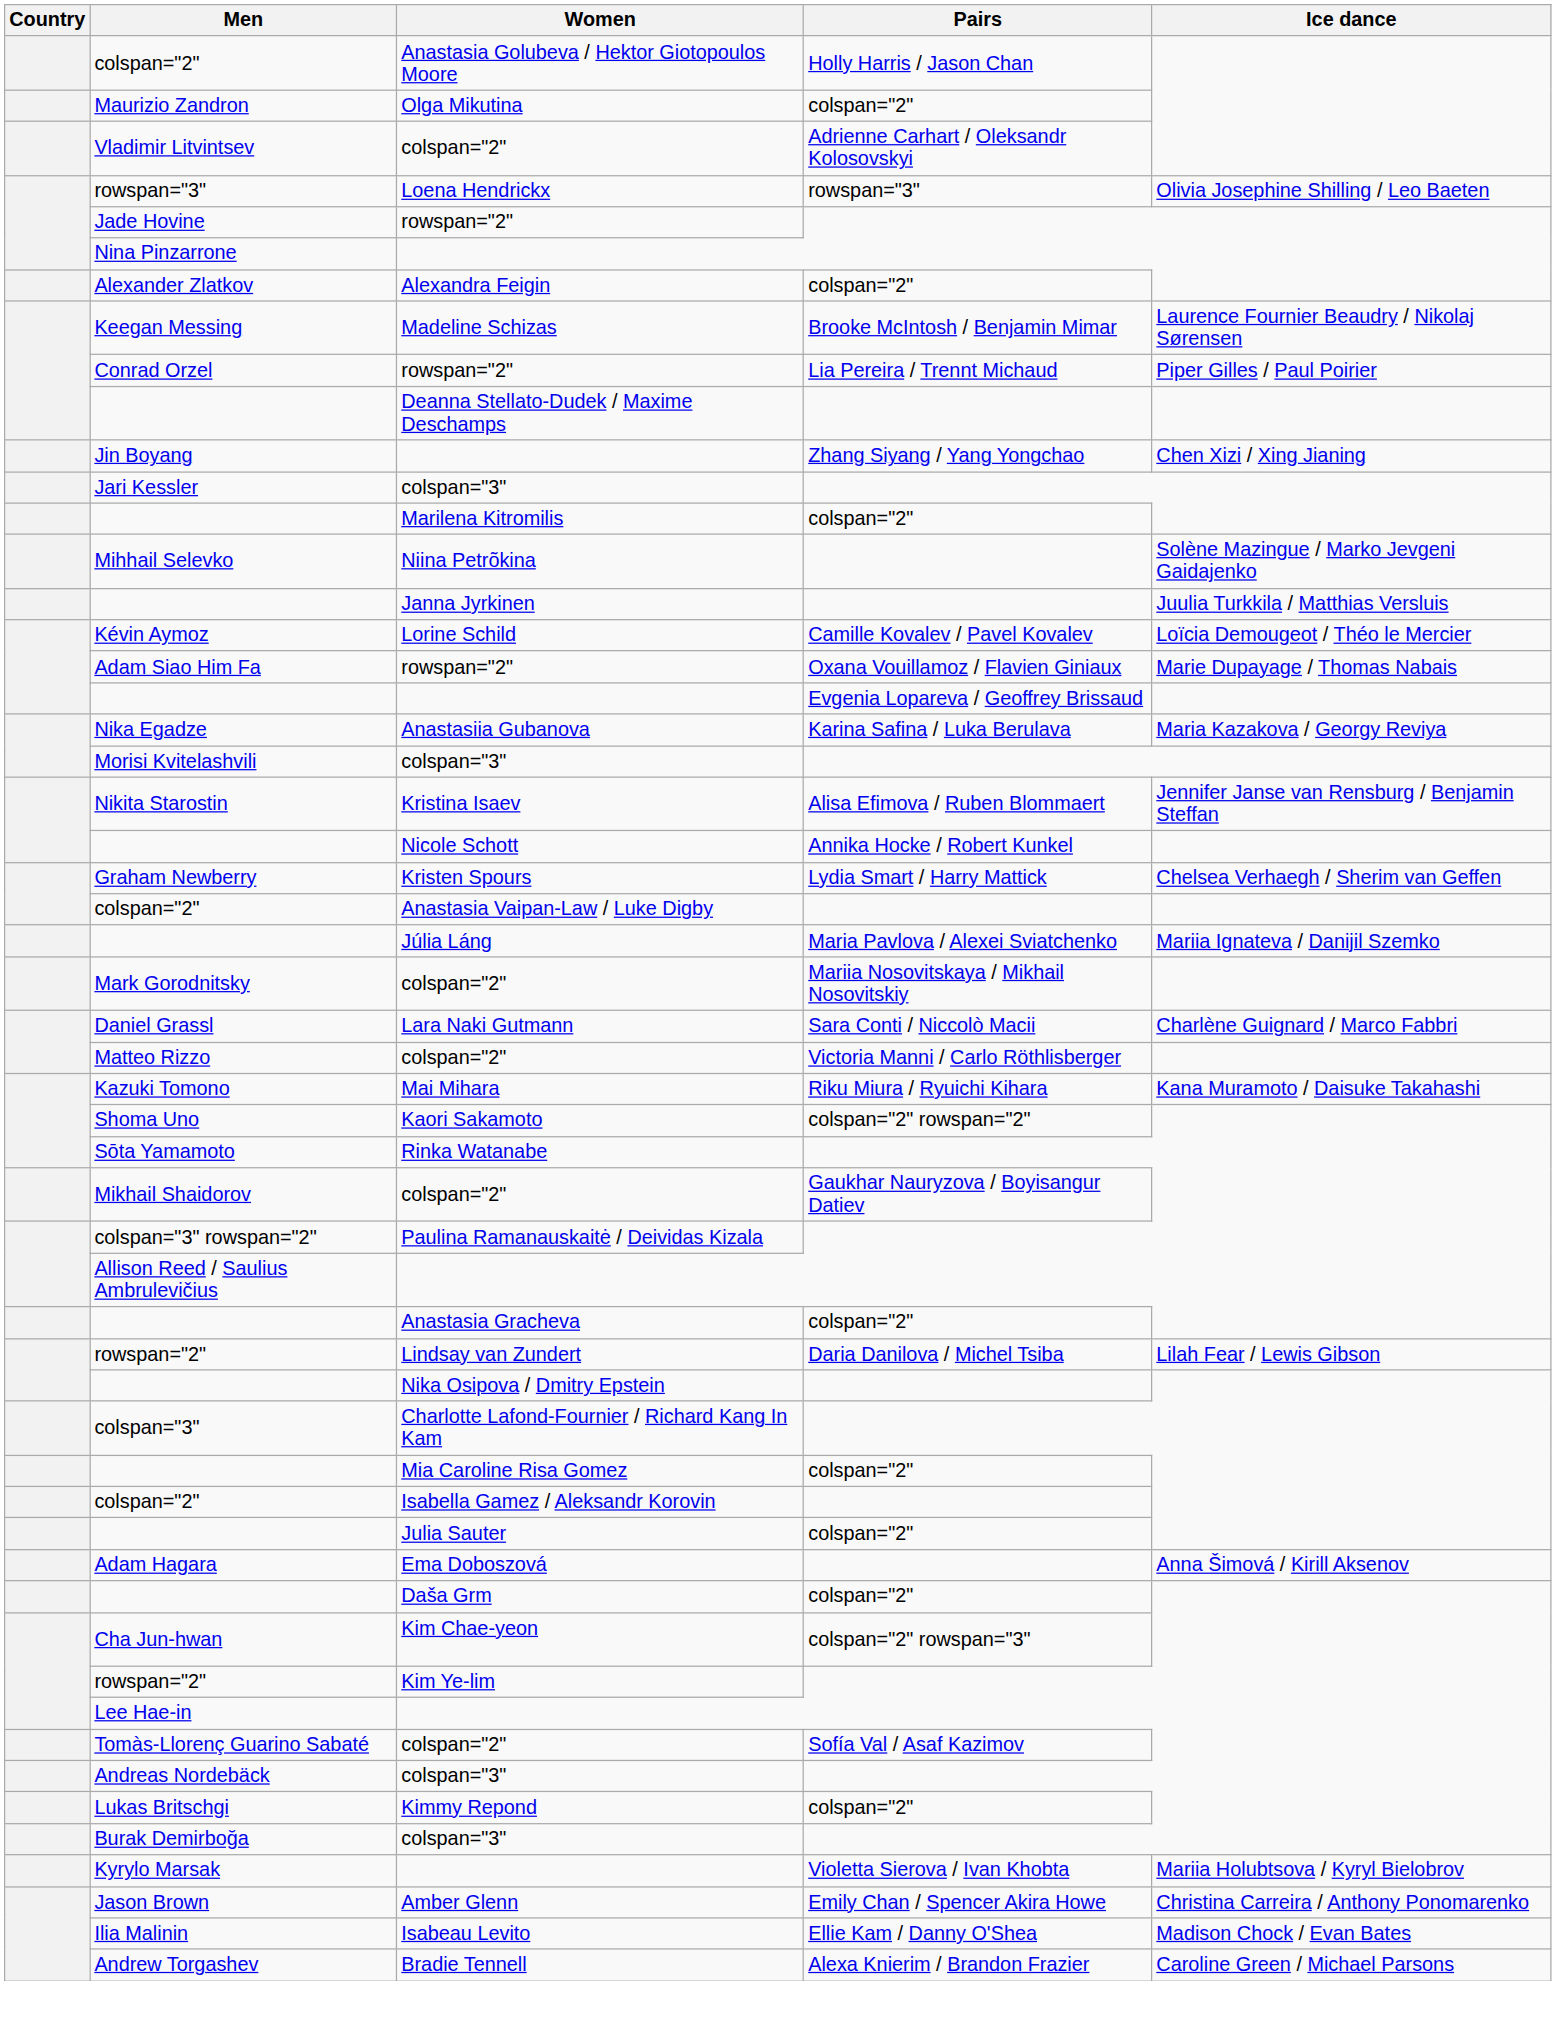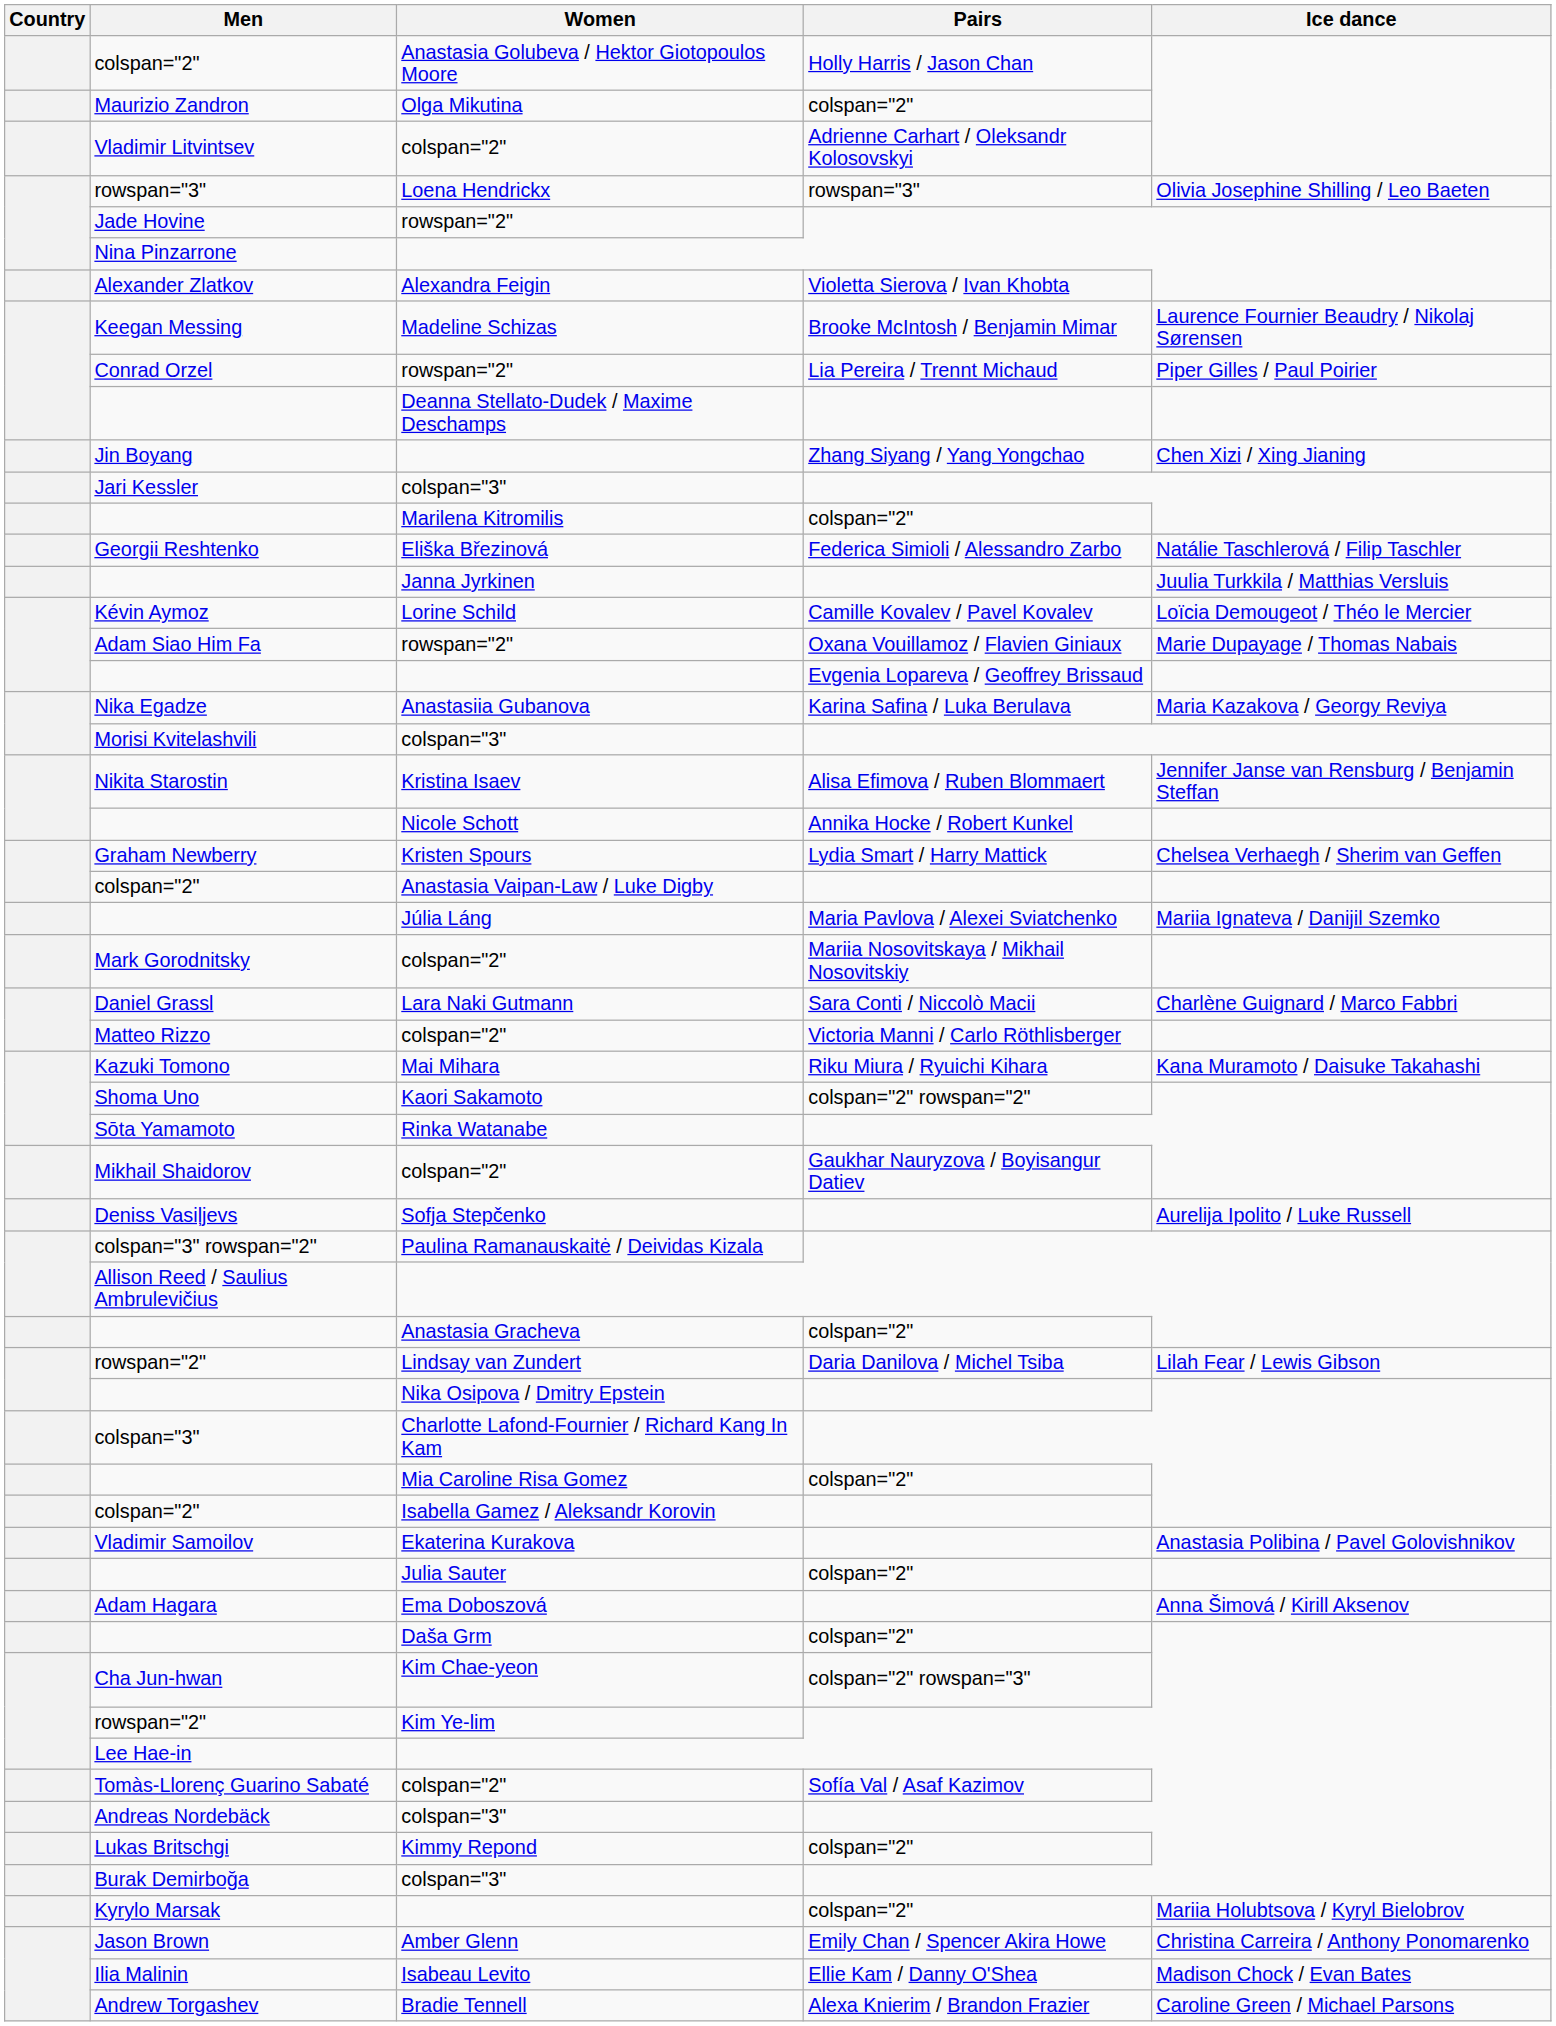 <table class="wikitable unsortable" style="text-align:left;">
 <tr>
 <th scope="col">Country</th>
 <th scope="col">Men</th>
 <th scope="col">Women</th>
 <th scope="col">Pairs</th>
 <th scope="col">Ice dance</th>
 </tr>
 <tr>
 <th scope="row" style="text-align:left"></th>
 <td>colspan="2" </td>
 <td><a href='#'>Anastasia Golubeva</a> / <a href='#'>Hektor Giotopoulos Moore</a></td>
 <td><a href='#'>Holly Harris</a> / <a href='#'>Jason Chan</a></td>
 </tr>
 <tr>
 <th scope="row" style="text-align:left"></th>
 <td><a href='#'>Maurizio Zandron</a></td>
 <td><a href='#'>Olga Mikutina</a></td>
 <td>colspan="2" </td>
 </tr>
 <tr>
 <th scope="row" style="text-align:left"></th>
 <td><a href='#'>Vladimir Litvintsev</a></td>
 <td>colspan="2" </td>
 <td><a href='#'>Adrienne Carhart</a> / <a href='#'>Oleksandr Kolosovskyi</a></td>
 </tr>
 <tr>
 <th rowspan="3" scope="row" style="text-align:left"></th>
 <td>rowspan="3" </td>
 <td><a href='#'>Loena Hendrickx</a></td>
 <td>rowspan="3" </td>
 <td><a href='#'>Olivia Josephine Shilling</a> / <a href='#'>Leo Baeten</a></td>
 </tr>
 <tr>
 <td><a href='#'>Jade Hovine</a></td>
 <td>rowspan="2" </td>
 </tr>
 <tr>
 <td><a href='#'>Nina Pinzarrone</a></td>
 </tr>
 <tr>
 <th scope="row" style="text-align:left"></th>
 <td><a href='#'>Alexander Zlatkov</a></td>
 <td><a href='#'>Alexandra Feigin</a></td>
-<td>colspan="2" </td>
+<td><a href='#'>Violetta Sierova</a> / <a href='#'>Ivan Khobta</a></td>
 </tr>
 <tr>
 <th rowspan="3" scope="row" style="text-align:left"></th>
 <td><a href='#'>Keegan Messing</a></td>
 <td><a href='#'>Madeline Schizas</a></td>
 <td><a href='#'>Brooke McIntosh</a> / <a href='#'>Benjamin Mimar</a></td>
 <td><a href='#'>Laurence Fournier Beaudry</a> / <a href='#'>Nikolaj Sørensen</a></td>
 </tr>
 <tr>
 <td><a href='#'>Conrad Orzel</a></td>
 <td>rowspan="2" </td>
 <td><a href='#'>Lia Pereira</a> / <a href='#'>Trennt Michaud</a></td>
 <td><a href='#'>Piper Gilles</a> / <a href='#'>Paul Poirier</a></td>
 </tr>
 <tr>
 <td></td>
 <td><a href='#'>Deanna Stellato-Dudek</a> / <a href='#'>Maxime Deschamps</a></td>
 <td></td>
 </tr>
 <tr>
 <th scope="row" style="text-align:left"></th>
 <td><a href='#'>Jin Boyang</a></td>
 <td></td>
 <td><a href='#'>Zhang Siyang</a> / <a href='#'>Yang Yongchao</a></td>
 <td><a href='#'>Chen Xizi</a> / <a href='#'>Xing Jianing</a></td>
 </tr>
 <tr>
 <th scope="row" style="text-align:left"></th>
 <td><a href='#'>Jari Kessler</a></td>
 <td>colspan="3" </td>
 </tr>
 <tr>
 <th scope="row" style="text-align:left"></th>
 <td></td>
 <td><a href='#'>Marilena Kitromilis</a></td>
 <td>colspan="2" </td>
 </tr>
 <tr>
 <th scope="row" style="text-align:left"></th>
-<td><a href='#'>Mihhail Selevko</a></td>
-<td><a href='#'>Niina Petrõkina</a></td>
-<td></td>
-<td><a href='#'>Solène Mazingue</a> / <a href='#'>Marko Jevgeni Gaidajenko</a></td>
+<td><a href='#'>Georgii Reshtenko</a></td>
+<td><a href='#'>Eliška Březinová</a></td>
+<td><a href='#'>Federica Simioli</a> / <a href='#'>Alessandro Zarbo</a></td>
+<td><a href='#'>Natálie Taschlerová</a> / <a href='#'>Filip Taschler</a></td>
 </tr>
 <tr>
 <th scope="row" style="text-align:left"></th>
 <td></td>
 <td><a href='#'>Janna Jyrkinen</a></td>
 <td></td>
 <td><a href='#'>Juulia Turkkila</a> / <a href='#'>Matthias Versluis</a></td>
 </tr>
 <tr>
 <th rowspan="3" scope="row" style="text-align:left"></th>
 <td><a href='#'>Kévin Aymoz</a></td>
 <td><a href='#'>Lorine Schild</a></td>
 <td><a href='#'>Camille Kovalev</a> / <a href='#'>Pavel Kovalev</a></td>
 <td><a href='#'>Loïcia Demougeot</a> / <a href='#'>Théo le Mercier</a></td>
 </tr>
 <tr>
 <td><a href='#'>Adam Siao Him Fa</a></td>
 <td>rowspan="2" </td>
 <td><a href='#'>Oxana Vouillamoz</a> / <a href='#'>Flavien Giniaux</a></td>
 <td><a href='#'>Marie Dupayage</a> / <a href='#'>Thomas Nabais</a></td>
 </tr>
 <tr>
 <td></td>
 <td></td>
 <td><a href='#'>Evgenia Lopareva</a> / <a href='#'>Geoffrey Brissaud</a></td>
 </tr>
 <tr>
 <th rowspan="2" scope="row" style="text-align:left"></th>
 <td><a href='#'>Nika Egadze</a></td>
 <td><a href='#'>Anastasiia Gubanova</a></td>
 <td><a href='#'>Karina Safina</a> / <a href='#'>Luka Berulava</a></td>
 <td><a href='#'>Maria Kazakova</a> / <a href='#'>Georgy Reviya</a></td>
 </tr>
 <tr>
 <td><a href='#'>Morisi Kvitelashvili</a></td>
 <td>colspan="3" </td>
 </tr>
 <tr>
 <th rowspan="2" scope="row" style="text-align:left"></th>
 <td><a href='#'>Nikita Starostin</a></td>
 <td><a href='#'>Kristina Isaev</a></td>
 <td><a href='#'>Alisa Efimova</a> / <a href='#'>Ruben Blommaert</a></td>
 <td><a href='#'>Jennifer Janse van Rensburg</a> / <a href='#'>Benjamin Steffan</a></td>
 </tr>
 <tr>
 <td></td>
 <td><a href='#'>Nicole Schott</a></td>
 <td><a href='#'>Annika Hocke</a> / <a href='#'>Robert Kunkel</a></td>
 <td></td>
 </tr>
 <tr>
 <th rowspan="2" scope="row" style="text-align:left"></th>
 <td><a href='#'>Graham Newberry</a></td>
 <td><a href='#'>Kristen Spours</a></td>
 <td><a href='#'>Lydia Smart</a> / <a href='#'>Harry Mattick</a></td>
 <td><a href='#'>Chelsea Verhaegh</a> / <a href='#'>Sherim van Geffen</a></td>
 </tr>
 <tr>
 <td>colspan="2" </td>
 <td><a href='#'>Anastasia Vaipan-Law</a> / <a href='#'>Luke Digby</a></td>
 <td></td>
 </tr>
 <tr>
 <th scope="row" style="text-align:left"></th>
 <td></td>
 <td><a href='#'>Júlia Láng</a></td>
 <td><a href='#'>Maria Pavlova</a> / <a href='#'>Alexei Sviatchenko</a></td>
 <td><a href='#'>Mariia Ignateva</a> / <a href='#'>Danijil Szemko</a></td>
 </tr>
 <tr>
 <th scope="row" style="text-align:left"></th>
 <td><a href='#'>Mark Gorodnitsky</a></td>
 <td>colspan="2" </td>
 <td><a href='#'>Mariia Nosovitskaya</a> / <a href='#'>Mikhail Nosovitskiy</a></td>
 </tr>
 <tr>
 <th rowspan="2" scope="row" style="text-align:left"></th>
 <td><a href='#'>Daniel Grassl</a></td>
 <td><a href='#'>Lara Naki Gutmann</a></td>
 <td><a href='#'>Sara Conti</a> / <a href='#'>Niccolò Macii</a></td>
 <td><a href='#'>Charlène Guignard</a> / <a href='#'>Marco Fabbri</a></td>
 </tr>
 <tr>
 <td><a href='#'>Matteo Rizzo</a></td>
 <td>colspan="2" </td>
 <td><a href='#'>Victoria Manni</a> / <a href='#'>Carlo Röthlisberger</a></td>
 </tr>
 <tr>
 <th rowspan="3" scope="row" style="text-align:left"></th>
 <td><a href='#'>Kazuki Tomono</a></td>
 <td><a href='#'>Mai Mihara</a></td>
 <td><a href='#'>Riku Miura</a> / <a href='#'>Ryuichi Kihara</a></td>
 <td><a href='#'>Kana Muramoto</a> / <a href='#'>Daisuke Takahashi</a></td>
 </tr>
 <tr>
 <td><a href='#'>Shoma Uno</a></td>
 <td><a href='#'>Kaori Sakamoto</a></td>
 <td>colspan="2" rowspan="2" </td>
 </tr>
 <tr>
 <td><a href='#'>Sōta Yamamoto</a></td>
 <td><a href='#'>Rinka Watanabe</a></td>
 </tr>
 <tr>
 <th scope="row" style="text-align:left"></th>
 <td><a href='#'>Mikhail Shaidorov</a></td>
 <td>colspan="2" </td>
 <td><a href='#'>Gaukhar Nauryzova</a> / <a href='#'>Boyisangur Datiev</a></td>
 </tr>
 <tr>
+<th scope="row" style="text-align:left"></th>
+<td><a href='#'>Deniss Vasiļjevs</a></td>
+<td><a href='#'>Sofja Stepčenko</a></td>
+<td></td>
+<td><a href='#'>Aurelija Ipolito</a> / <a href='#'>Luke Russell</a></td>
+</tr>
+<tr>
 <th rowspan="2" scope="row" style="text-align:left"></th>
 <td>colspan="3" rowspan="2" </td>
 <td><a href='#'>Paulina Ramanauskaitė</a> / <a href='#'>Deividas Kizala</a><br></td>
 </tr>
 <tr>
 <td><a href='#'>Allison Reed</a> / <a href='#'>Saulius Ambrulevičius</a></td>
 </tr>
 <tr>
 <th scope="row" style="text-align:left"></th>
 <td></td>
 <td><a href='#'>Anastasia Gracheva</a></td>
 <td>colspan="2" </td>
 </tr>
 <tr>
 <th rowspan="2" scope="row" style="text-align:left"></th>
 <td>rowspan="2" </td>
 <td><a href='#'>Lindsay van Zundert</a></td>
 <td><a href='#'>Daria Danilova</a> / <a href='#'>Michel Tsiba</a><br></td>
 <td><a href='#'>Lilah Fear</a> / <a href='#'>Lewis Gibson</a></td>
 </tr>
 <tr>
 <td></td>
 <td><a href='#'>Nika Osipova</a> / <a href='#'>Dmitry Epstein</a></td>
 <td></td>
 </tr>
 <tr>
 <th scope="row" style="text-align:left"></th>
 <td>colspan="3" </td>
 <td><a href='#'>Charlotte Lafond-Fournier</a> / <a href='#'>Richard Kang In Kam</a></td>
 </tr>
 <tr>
 <th scope="row" style="text-align:left"></th>
 <td></td>
 <td><a href='#'>Mia Caroline Risa Gomez</a></td>
 <td>colspan="2" </td>
 </tr>
 <tr>
 <th scope="row" style="text-align:left"></th>
 <td>colspan="2" </td>
 <td><a href='#'>Isabella Gamez</a> / <a href='#'>Aleksandr Korovin</a></td>
 <td></td>
+</tr>
+<tr>
+<th scope="row" style="text-align:left"></th>
+<td><a href='#'>Vladimir Samoilov</a></td>
+<td><a href='#'>Ekaterina Kurakova</a></td>
+<td></td>
+<td><a href='#'>Anastasia Polibina</a> / <a href='#'>Pavel Golovishnikov</a></td>
 </tr>
 <tr>
 <th scope="row" style="text-align:left"></th>
 <td></td>
 <td><a href='#'>Julia Sauter</a></td>
 <td>colspan="2" </td>
 </tr>
 <tr>
 <th scope="row" style="text-align:left"></th>
 <td><a href='#'>Adam Hagara</a></td>
 <td><a href='#'>Ema Doboszová</a></td>
 <td></td>
 <td><a href='#'>Anna Šimová</a> / <a href='#'>Kirill Aksenov</a></td>
 </tr>
 <tr>
 <th scope="row" style="text-align:left"></th>
 <td></td>
 <td><a href='#'>Daša Grm</a></td>
 <td>colspan="2" </td>
 </tr>
 <tr>
 <th rowspan="3" scope="row" style="text-align:left"></th>
 <td><a href='#'>Cha Jun-hwan</a></td>
 <td><a href='#'>Kim Chae-yeon</a><br><br></td>
 <td>colspan="2" rowspan="3" </td>
 </tr>
 <tr>
 <td>rowspan="2" </td>
 <td><a href='#'>Kim Ye-lim</a></td>
 </tr>
 <tr>
 <td><a href='#'>Lee Hae-in</a></td>
 </tr>
 <tr>
 <th scope="row" style="text-align:left"></th>
 <td><a href='#'>Tomàs-Llorenç Guarino Sabaté</a></td>
 <td>colspan="2" </td>
 <td><a href='#'>Sofía Val</a> / <a href='#'>Asaf Kazimov</a></td>
 </tr>
 <tr>
 <th scope="row" style="text-align:left"></th>
 <td><a href='#'>Andreas Nordebäck</a></td>
 <td>colspan="3" </td>
 </tr>
 <tr>
 <th scope="row" style="text-align:left"></th>
 <td><a href='#'>Lukas Britschgi</a></td>
 <td><a href='#'>Kimmy Repond</a></td>
 <td>colspan="2" </td>
 </tr>
 <tr>
 <th scope="row" style="text-align:left"></th>
 <td><a href='#'>Burak Demirboğa</a></td>
 <td>colspan="3" </td>
 </tr>
 <tr>
 <th scope="row" style="text-align:left"></th>
 <td><a href='#'>Kyrylo Marsak</a></td>
 <td></td>
-<td><a href='#'>Violetta Sierova</a> / <a href='#'>Ivan Khobta</a></td>
+<td>colspan="2" </td>
 <td><a href='#'>Mariia Holubtsova</a> / <a href='#'>Kyryl Bielobrov</a></td>
 </tr>
 <tr>
 <th rowspan="3" scope="row" style="text-align:left"></th>
 <td><a href='#'>Jason Brown</a></td>
 <td><a href='#'>Amber Glenn</a></td>
 <td><a href='#'>Emily Chan</a> / <a href='#'>Spencer Akira Howe</a></td>
 <td><a href='#'>Christina Carreira</a> / <a href='#'>Anthony Ponomarenko</a></td>
 </tr>
 <tr>
 <td><a href='#'>Ilia Malinin</a></td>
 <td><a href='#'>Isabeau Levito</a></td>
 <td><a href='#'>Ellie Kam</a> / <a href='#'>Danny O'Shea</a></td>
 <td><a href='#'>Madison Chock</a> / <a href='#'>Evan Bates</a></td>
 </tr>
 <tr>
 <td><a href='#'>Andrew Torgashev</a></td>
 <td><a href='#'>Bradie Tennell</a></td>
 <td><a href='#'>Alexa Knierim</a> / <a href='#'>Brandon Frazier</a></td>
 <td><a href='#'>Caroline Green</a> / <a href='#'>Michael Parsons</a></td>
 </tr>
 </table>
